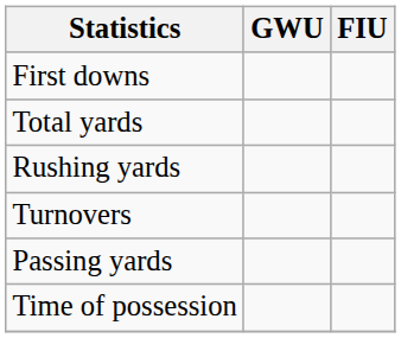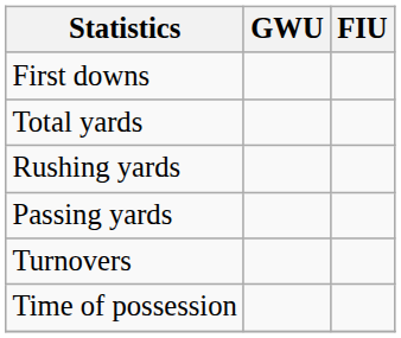 <table class="wikitable" style="float: left;">
 <tr>
 <th>Statistics</th>
 <th>GWU</th>
 <th>FIU</th>
 </tr>
 <tr>
 <td>First downs</td>
 <td></td>
 <td></td>
 </tr>
 <tr>
 <td>Total yards</td>
 <td></td>
 <td></td>
 </tr>
 <tr>
 <td>Rushing yards</td>
 <td></td>
 <td></td>
 </tr>
 <tr>
-<td>Turnovers</td>
+<td>Passing yards</td>
 <td></td>
 <td></td>
 </tr>
 <tr>
-<td>Passing yards</td>
+<td>Turnovers</td>
 <td></td>
 <td></td>
 </tr>
 <tr>
 <td>Time of possession</td>
 <td></td>
 <td></td>
 </tr>
 <tr>
 </tr>
 </table>
